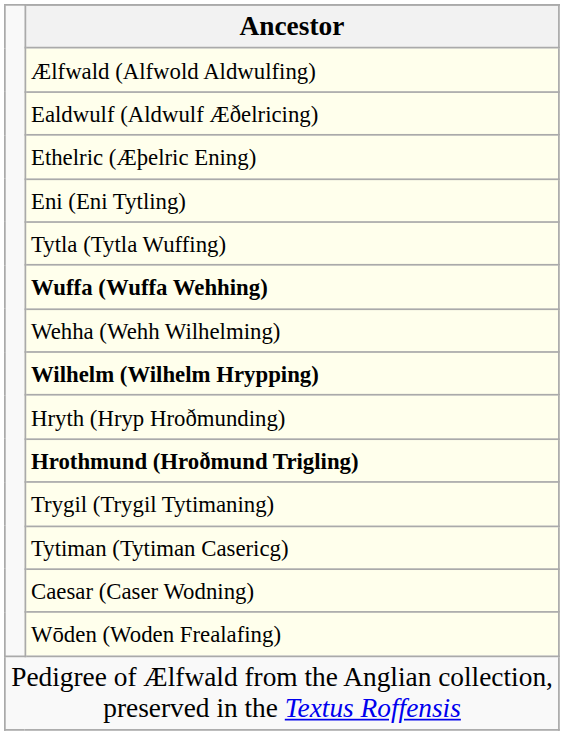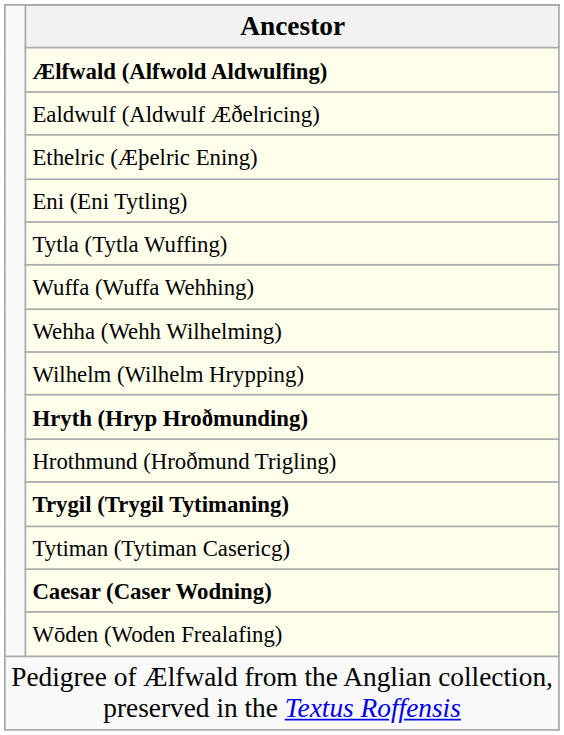 <table class="wikitable">
 <tr>
 <td rowspan=16></td>
 </tr>
 <tr>
 <th !width="100%">Ancestor</th>
 </tr>
 <tr valign=top bgcolor="#ffffec">
-<td><small>Ælfwald (Alfwold Aldwulfing) </small></td>
+<td><strong><small>Ælfwald (Alfwold Aldwulfing) </small></strong></td>
 </tr>
 <tr valign=top bgcolor="#ffffec">
 <td><small>Ealdwulf (Aldwulf Æðelricing)</small></td>
 </tr>
 <tr valign=top bgcolor="#ffffec">
 <td><small>Ethelric (Æþelric Ening)</small></td>
 </tr>
 <tr valign=top bgcolor="#ffffec">
 <td><small>Eni (Eni Tytling)</small></td>
 </tr>
 <tr valign=top bgcolor="#ffffec">
 <td><small>Tytla (Tytla Wuffing)</small></td>
 </tr>
 <tr valign=top bgcolor="#ffffec">
-<td><strong><small>Wuffa (Wuffa Wehhing)</small></strong></td>
+<td><small>Wuffa (Wuffa Wehhing)</small></td>
 </tr>
 <tr valign=top bgcolor="#ffffec">
 <td><small>Wehha (Wehh Wilhelming)</small></td>
 </tr>
 <tr valign=top bgcolor="#ffffec">
-<td><strong><small>Wilhelm (Wilhelm Hrypping)</small></strong></td>
+<td><small>Wilhelm (Wilhelm Hrypping)</small></td>
 </tr>
 <tr valign=top bgcolor="#ffffec">
-<td><small>Hryth (Hryp Hroðmunding)</small></td>
+<td><strong><small>Hryth (Hryp Hroðmunding)</small></strong></td>
 </tr>
 <tr valign=top bgcolor="#ffffec">
-<td><strong><small>Hrothmund (Hroðmund Trigling)</small></strong></td>
+<td><small>Hrothmund (Hroðmund Trigling)</small></td>
 </tr>
 <tr valign=top bgcolor="#ffffec">
-<td><small>Trygil (Trygil Tytimaning)</small></td>
+<td><strong><small>Trygil (Trygil Tytimaning)</small></strong></td>
 </tr>
 <tr valign=top bgcolor="#ffffec">
 <td><small>Tytiman (Tytiman Casericg)</small></td>
 </tr>
 <tr valign=top bgcolor="#ffffec">
-<td><small>Caesar (Caser Wodning)</small></td>
+<td><strong><small>Caesar (Caser Wodning)</small></strong></td>
 </tr>
 <tr valign=top bgcolor="#ffffec">
 <td><small>Wōden (Woden Frealafing)</small></td>
 </tr>
 <tr valign=top align=center>
 <td colspan=2>Pedigree of Ælfwald from the Anglian collection,<br>preserved in the <em><a href='#'>Textus Roffensis</a></em></td>
 </tr>
 </table>
